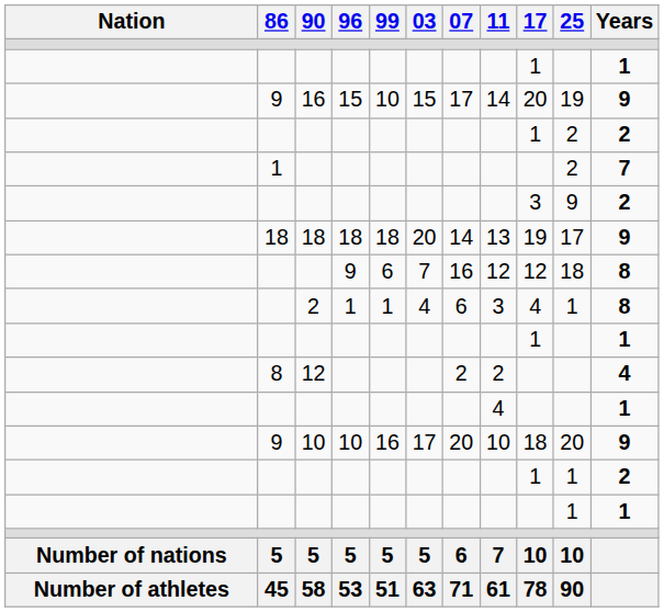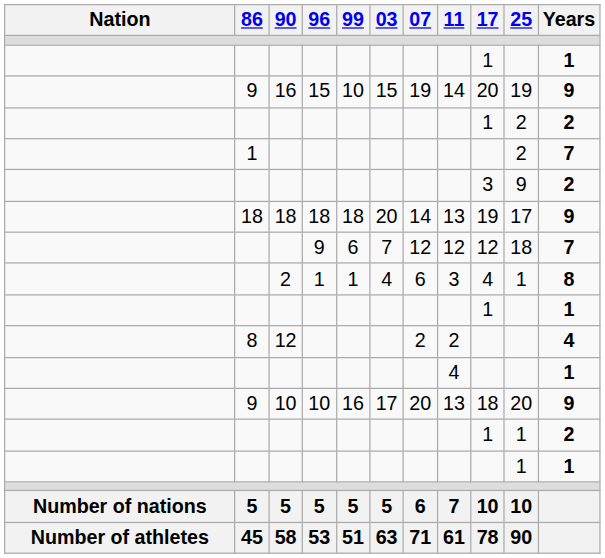 <table class=wikitable style="text-align:center">
 <tr>
 <th width=180>Nation</th>
 <th width=20><a href='#'>86</a></th>
 <th width=20><a href='#'>90</a></th>
 <th width=20><a href='#'>96</a></th>
 <th width=20><a href='#'>99</a></th>
 <th width=20><a href='#'>03</a></th>
 <th width=20><a href='#'>07</a></th>
 <th width=20><a href='#'>11</a></th>
 <th width=20><a href='#'>17</a></th>
 <th width=20><a href='#'>25</a></th>
 <th width=40>Years</th>
 </tr>
 <tr bgcolor=#DDDDDD>
 <td colspan=11></td>
 </tr>
 <tr>
 <td align=left></td>
 <td></td>
 <td></td>
 <td></td>
 <td></td>
 <td></td>
 <td></td>
 <td></td>
 <td>1</td>
 <td></td>
 <td><strong>1</strong></td>
 </tr>
 <tr>
 <td align=left></td>
 <td>9</td>
 <td>16</td>
 <td>15</td>
 <td>10</td>
 <td>15</td>
-<td>17</td>
+<td>19</td>
 <td>14</td>
 <td>20</td>
 <td>19</td>
 <td><strong>9</strong></td>
 </tr>
 <tr>
 <td align=left></td>
 <td></td>
 <td></td>
 <td></td>
 <td></td>
 <td></td>
 <td></td>
 <td></td>
 <td>1</td>
 <td>2</td>
 <td><strong>2</strong></td>
 </tr>
 <tr>
 <td align=left></td>
 <td>1</td>
 <td></td>
 <td></td>
 <td></td>
 <td></td>
 <td></td>
 <td></td>
 <td></td>
 <td>2</td>
 <td><strong>7</strong></td>
 </tr>
 <tr>
 <td align=left></td>
 <td></td>
 <td></td>
 <td></td>
 <td></td>
 <td></td>
 <td></td>
 <td></td>
 <td>3</td>
 <td>9</td>
 <td><strong>2</strong></td>
 </tr>
 <tr>
 <td align=left></td>
 <td>18</td>
 <td>18</td>
 <td>18</td>
 <td>18</td>
 <td>20</td>
 <td>14</td>
 <td>13</td>
 <td>19</td>
 <td>17</td>
 <td><strong>9</strong></td>
 </tr>
 <tr>
 <td align=left></td>
 <td></td>
 <td></td>
 <td>9</td>
 <td>6</td>
 <td>7</td>
-<td>16</td>
+<td>12</td>
 <td>12</td>
 <td>12</td>
 <td>18</td>
-<td><strong>8</strong></td>
+<td><strong>7</strong></td>
 </tr>
 <tr>
 <td align=left></td>
 <td></td>
 <td>2</td>
 <td>1</td>
 <td>1</td>
 <td>4</td>
 <td>6</td>
 <td>3</td>
 <td>4</td>
 <td>1</td>
 <td><strong>8</strong></td>
 </tr>
 <tr>
 <td align=left></td>
 <td></td>
 <td></td>
 <td></td>
 <td></td>
 <td></td>
 <td></td>
 <td></td>
 <td>1</td>
 <td></td>
 <td><strong>1</strong></td>
 </tr>
 <tr>
 <td align=left></td>
 <td>8</td>
 <td>12</td>
 <td></td>
 <td></td>
 <td></td>
 <td>2</td>
 <td>2</td>
 <td></td>
 <td></td>
 <td><strong>4</strong></td>
 </tr>
 <tr>
 <td align=left></td>
 <td></td>
 <td></td>
 <td></td>
 <td></td>
 <td></td>
 <td></td>
 <td>4</td>
 <td></td>
 <td></td>
 <td><strong>1</strong></td>
 </tr>
 <tr>
 <td align=left></td>
 <td>9</td>
 <td>10</td>
 <td>10</td>
 <td>16</td>
 <td>17</td>
 <td>20</td>
-<td>10</td>
+<td>13</td>
 <td>18</td>
 <td>20</td>
 <td><strong>9</strong></td>
 </tr>
 <tr>
 <td align=left></td>
 <td></td>
 <td></td>
 <td></td>
 <td></td>
 <td></td>
 <td></td>
 <td></td>
 <td>1</td>
 <td>1</td>
 <td><strong>2</strong></td>
 </tr>
 <tr>
 <td align=left></td>
 <td></td>
 <td></td>
 <td></td>
 <td></td>
 <td></td>
 <td></td>
 <td></td>
 <td></td>
 <td>1</td>
 <td><strong>1</strong></td>
 </tr>
 <tr bgcolor=#DDDDDD>
 <td colspan=11></td>
 </tr>
 <tr>
 <th>Number of nations</th>
 <th>5</th>
 <th>5</th>
 <th>5</th>
 <th>5</th>
 <th>5</th>
 <th>6</th>
 <th>7</th>
 <th>10</th>
 <th>10</th>
 <th></th>
 </tr>
 <tr>
 <th>Number of athletes</th>
 <th>45</th>
 <th>58</th>
 <th>53</th>
 <th>51</th>
 <th>63</th>
 <th>71</th>
 <th>61</th>
 <th>78</th>
 <th>90</th>
 <th></th>
 </tr>
 </table>
